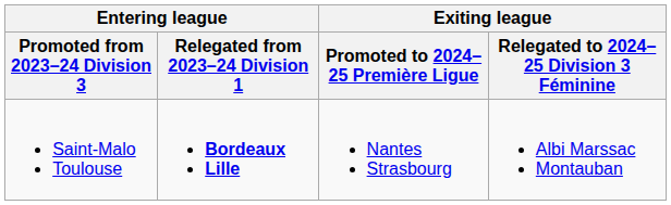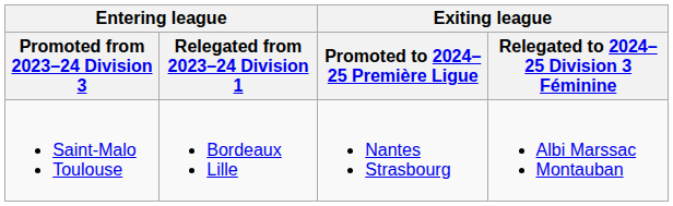 <table class="wikitable">
 <tr>
 <th colspan=2>Entering league</th>
 <th colspan=2>Exiting league</th>
 </tr>
 <tr>
 <th>Promoted from <a href='#'>2023–24 Division 3</a></th>
 <th>Relegated from <a href='#'>2023–24 Division 1</a></th>
 <th>Promoted to <a href='#'>2024–25 Première Ligue</a></th>
 <th>Relegated to <a href='#'>2024–25 Division 3 Féminine</a></th>
 </tr>
 <tr style="vertical-align:top;">
 <td><br><ul><li><a href='#'>Saint-Malo</a></li><li><a href='#'>Toulouse</a></li></ul></td>
-<td><strong><br><ul><li><a href='#'>Bordeaux</a></li><li><a href='#'>Lille</a></li></ul></strong></td>
+<td><br><ul><li><a href='#'>Bordeaux</a></li><li><a href='#'>Lille</a></li></ul></td>
 <td><br><ul><li><a href='#'>Nantes</a></li><li><a href='#'>Strasbourg</a></li></ul></td>
 <td><br><ul><li><a href='#'>Albi Marssac</a></li><li><a href='#'>Montauban</a></li></ul></td>
 </tr>
 </table>
